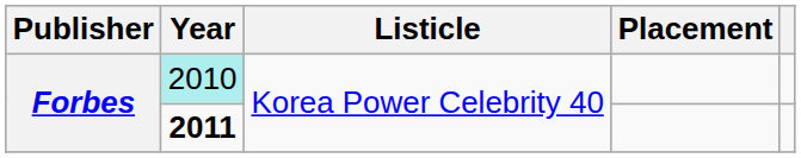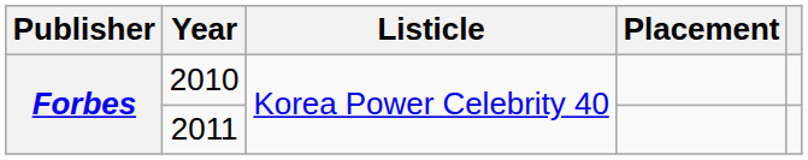 <table class="wikitable plainrowheaders sortable" style="margin-right: 0;">
 <tr>
 <th scope="col">Publisher</th>
 <th scope="col">Year</th>
 <th scope="col">Listicle</th>
 <th scope="col">Placement</th>
 <th scope="col" class="unsortable"></th>
 </tr>
 <tr>
 <th scope="row" rowspan="2"><em><a href='#'>Forbes</a></em></th>
-<td style="background: paleturquoise; text-align:center">2010</td>
+<td style="text-align:center">2010</td>
 <td rowspan="2"><a href='#'>Korea Power Celebrity 40</a></td>
 <td></td>
 <td style="text-align:center;"></td>
 </tr>
 <tr>
-<td style="text-align:center"><strong>2011</strong></td>
+<td style="text-align:center">2011</td>
 <td></td>
 <td style="text-align:center;"></td>
 </tr>
 </table>
